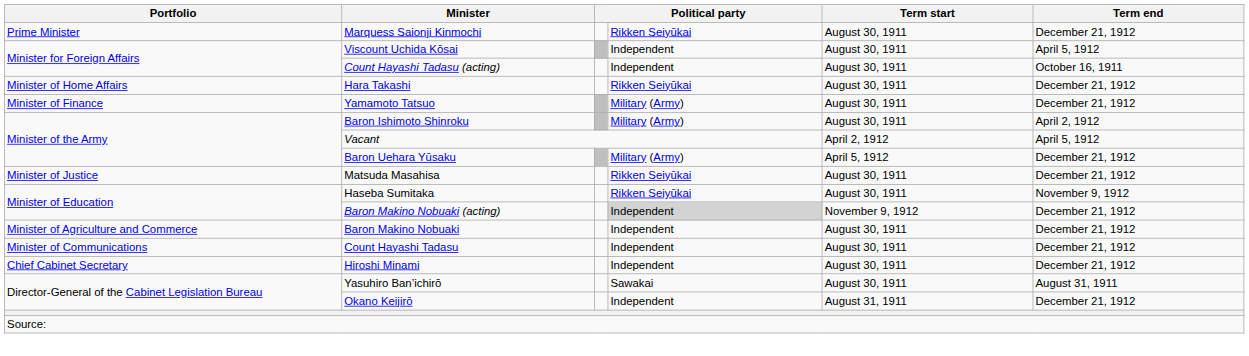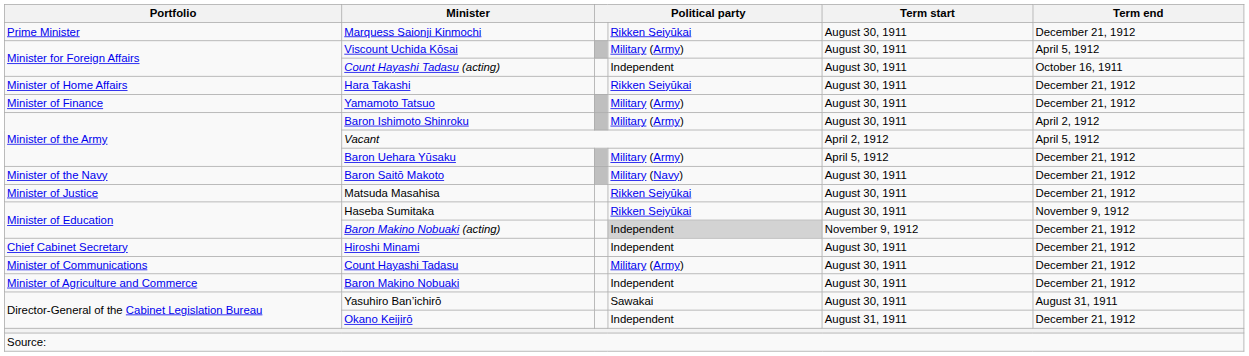 <table class="wikitable unsortable" style="font-size: 90%;">
 <tr>
 <th scope="col" width="20%">Portfolio</th>
 <th scope="col" width="15%">Minister</th>
 <th colspan="2" scope="col" width="13.5%">Political party</th>
 <th scope="col" width="12.5%">Term start</th>
 <th scope="col" width="12.5%">Term end</th>
 </tr>
 <tr>
 <td style="text-align: left;"><a href='#'>Prime Minister</a></td>
 <td><a href='#'>Marquess Saionji Kinmochi</a></td>
 <td style="color:inherit;background:"></td>
 <td><a href='#'>Rikken Seiyūkai</a></td>
 <td>August 30, 1911</td>
 <td>December 21, 1912</td>
 </tr>
 <tr>
 <td rowspan="2"><a href='#'>Minister for Foreign Affairs</a></td>
 <td><a href='#'>Viscount Uchida Kōsai</a></td>
 <td style="color:inherit;background:#bfbfbf"></td>
-<td>Independent</td>
+<td><a href='#'>Military</a> (<a href='#'>Army</a>)</td>
 <td>August 30, 1911</td>
 <td>April 5, 1912</td>
 </tr>
 <tr>
 <td><em><a href='#'>Count Hayashi Tadasu</a> (acting)</em></td>
 <td style="color:inherit;background:"></td>
 <td>Independent</td>
 <td>August 30, 1911</td>
 <td>October 16, 1911</td>
 </tr>
 <tr>
 <td><a href='#'>Minister of Home Affairs</a></td>
 <td><a href='#'>Hara Takashi</a></td>
 <td style="color:inherit;background:"></td>
 <td><a href='#'>Rikken Seiyūkai</a></td>
 <td>August 30, 1911</td>
 <td>December 21, 1912</td>
 </tr>
 <tr>
 <td><a href='#'>Minister of Finance</a></td>
 <td><a href='#'>Yamamoto Tatsuo</a></td>
 <td style="color:inherit;background:#bfbfbf"></td>
 <td><a href='#'>Military</a> (<a href='#'>Army</a>)</td>
 <td>August 30, 1911</td>
 <td>December 21, 1912</td>
 </tr>
 <tr>
 <td rowspan="3"><a href='#'>Minister of the Army</a></td>
 <td><a href='#'>Baron Ishimoto Shinroku</a></td>
 <td style="color:inherit;background:#bfbfbf"></td>
 <td><a href='#'>Military</a> (<a href='#'>Army</a>)</td>
 <td>August 30, 1911</td>
 <td>April 2, 1912</td>
 </tr>
 <tr>
 <td colspan="3"><em>Vacant</em></td>
 <td>April 2, 1912</td>
 <td>April 5, 1912</td>
 </tr>
 <tr>
 <td><a href='#'>Baron Uehara Yūsaku</a></td>
 <td style="color:inherit;background:#bfbfbf"></td>
 <td><a href='#'>Military</a> (<a href='#'>Army</a>)</td>
 <td>April 5, 1912</td>
 <td>December 21, 1912</td>
 </tr>
 <tr>
+<td><a href='#'>Minister of the Navy</a></td>
+<td><a href='#'>Baron Saitō Makoto</a></td>
+<td style="color:inherit;background:#bfbfbf"></td>
+<td><a href='#'>Military</a> (<a href='#'>Navy</a>)</td>
+<td>August 30, 1911</td>
+<td>December 21, 1912</td>
+</tr>
+<tr>
 <td><a href='#'>Minister of Justice</a></td>
 <td>Matsuda Masahisa</td>
 <td style="color:inherit;background:"></td>
 <td><a href='#'>Rikken Seiyūkai</a></td>
 <td>August 30, 1911</td>
 <td>December 21, 1912</td>
 </tr>
 <tr>
 <td rowspan="2"><a href='#'>Minister of Education</a></td>
 <td>Haseba Sumitaka</td>
 <td style="color:inherit;background:"></td>
 <td><a href='#'>Rikken Seiyūkai</a></td>
 <td>August 30, 1911</td>
 <td>November 9, 1912</td>
 </tr>
 <tr>
 <td><em><a href='#'>Baron Makino Nobuaki</a> (acting)</em></td>
 <td style="color:inherit;background:"></td>
 <td style="background: lightgrey;">Independent</td>
 <td>November 9, 1912</td>
 <td>December 21, 1912</td>
 </tr>
 <tr>
-<td><a href='#'>Minister of Agriculture and Commerce</a></td>
-<td><a href='#'>Baron Makino Nobuaki</a></td>
+<td><a href='#'>Chief Cabinet Secretary</a></td>
+<td><a href='#'>Hiroshi Minami</a></td>
 <td style="color:inherit;background:"></td>
 <td>Independent</td>
 <td>August 30, 1911</td>
 <td>December 21, 1912</td>
 </tr>
 <tr>
 <td><a href='#'>Minister of Communications</a></td>
 <td><a href='#'>Count Hayashi Tadasu</a></td>
 <td style="color:inherit;background:"></td>
-<td>Independent</td>
+<td><a href='#'>Military</a> (<a href='#'>Army</a>)</td>
 <td>August 30, 1911</td>
 <td>December 21, 1912</td>
 </tr>
 <tr>
-<td><a href='#'>Chief Cabinet Secretary</a></td>
-<td><a href='#'>Hiroshi Minami</a></td>
+<td><a href='#'>Minister of Agriculture and Commerce</a></td>
+<td><a href='#'>Baron Makino Nobuaki</a></td>
 <td style="color:inherit;background:"></td>
 <td>Independent</td>
 <td>August 30, 1911</td>
 <td>December 21, 1912</td>
 </tr>
 <tr>
 <td rowspan="2">Director-General of the <a href='#'>Cabinet Legislation Bureau</a></td>
 <td>Yasuhiro Ban’ichirō</td>
 <td></td>
 <td>Sawakai</td>
 <td>August 30, 1911</td>
 <td>August 31, 1911</td>
 </tr>
 <tr>
 <td><a href='#'>Okano Keijirō</a></td>
 <td style="color:inherit;background:"></td>
 <td>Independent</td>
 <td>August 31, 1911</td>
 <td>December 21, 1912</td>
 </tr>
 <tr>
 <th colspan="6"></th>
 </tr>
 <tr>
 <td colspan="6">Source:</td>
 </tr>
 </table>
